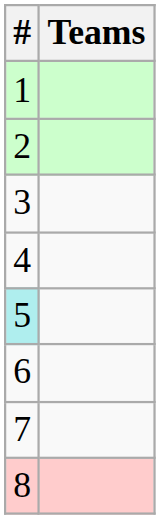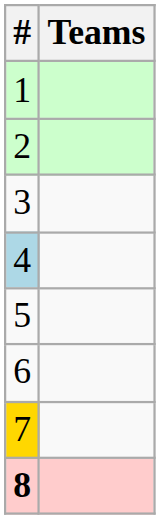 <table class="wikitable">
 <tr>
 <th>#</th>
 <th>Teams</th>
 </tr>
 <tr bgcolor=ccffcc>
 <td>1</td>
 <td></td>
 </tr>
 <tr bgcolor=ccffcc>
 <td>2</td>
 <td></td>
 </tr>
 <tr>
 <td>3</td>
 <td></td>
 </tr>
 <tr>
-<td>4</td>
+<td style="background: lightblue;">4</td>
 <td></td>
 </tr>
 <tr>
-<td style="background: paleturquoise;">5</td>
+<td>5</td>
 <td></td>
 </tr>
 <tr>
 <td>6</td>
 <td></td>
 </tr>
 <tr>
-<td>7</td>
+<td style="background: gold;">7</td>
 <td></td>
 </tr>
 <tr bgcolor=ffcccc>
-<td>8</td>
+<td><strong>8</strong></td>
 <td></td>
 </tr>
 </table>
